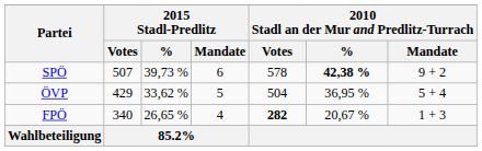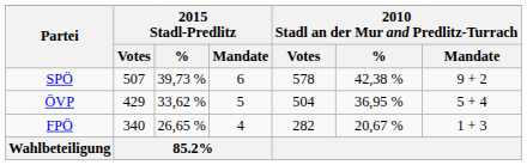 <table class="wikitable" style=text-align:center>
 <tr>
 </tr>
 <tr class="hintergrundfarbe9">
 <th rowspan="2">Partei</th>
 <th colspan="3">2015<br>Stadl-Predlitz</th>
 <th colspan="3">2010<br>Stadl an der Mur <em>and</em> Predlitz-Turrach</th>
 </tr>
 <tr class="hintergrundfarbe9">
 <th>Votes</th>
 <th>%</th>
 <th>Mandate</th>
 <th>Votes</th>
 <th>%</th>
 <th>Mandate</th>
 </tr>
 <tr>
 <td><a href='#'>SPÖ</a></td>
 <td>507</td>
 <td>39,73 %</td>
 <td>6</td>
 <td>578</td>
-<td><strong>42,38 %</strong></td>
+<td>42,38 %</td>
 <td>9 + 2</td>
 </tr>
 <tr>
 <td><a href='#'>ÖVP</a></td>
 <td>429</td>
 <td>33,62 %</td>
 <td>5</td>
 <td>504</td>
 <td>36,95 %</td>
 <td>5 + 4</td>
 </tr>
 <tr>
 <td><a href='#'>FPÖ</a></td>
 <td>340</td>
 <td>26,65 %</td>
 <td>4</td>
-<td><strong>282</strong></td>
+<td>282</td>
 <td>20,67 %</td>
 <td>1 + 3</td>
 </tr>
 <tr class="hintergrundfarbe9">
 <th>Wahlbeteiligung</th>
 <th colspan="3">85.2%</th>
 <th colspan="3"></th>
 </tr>
 </table>
